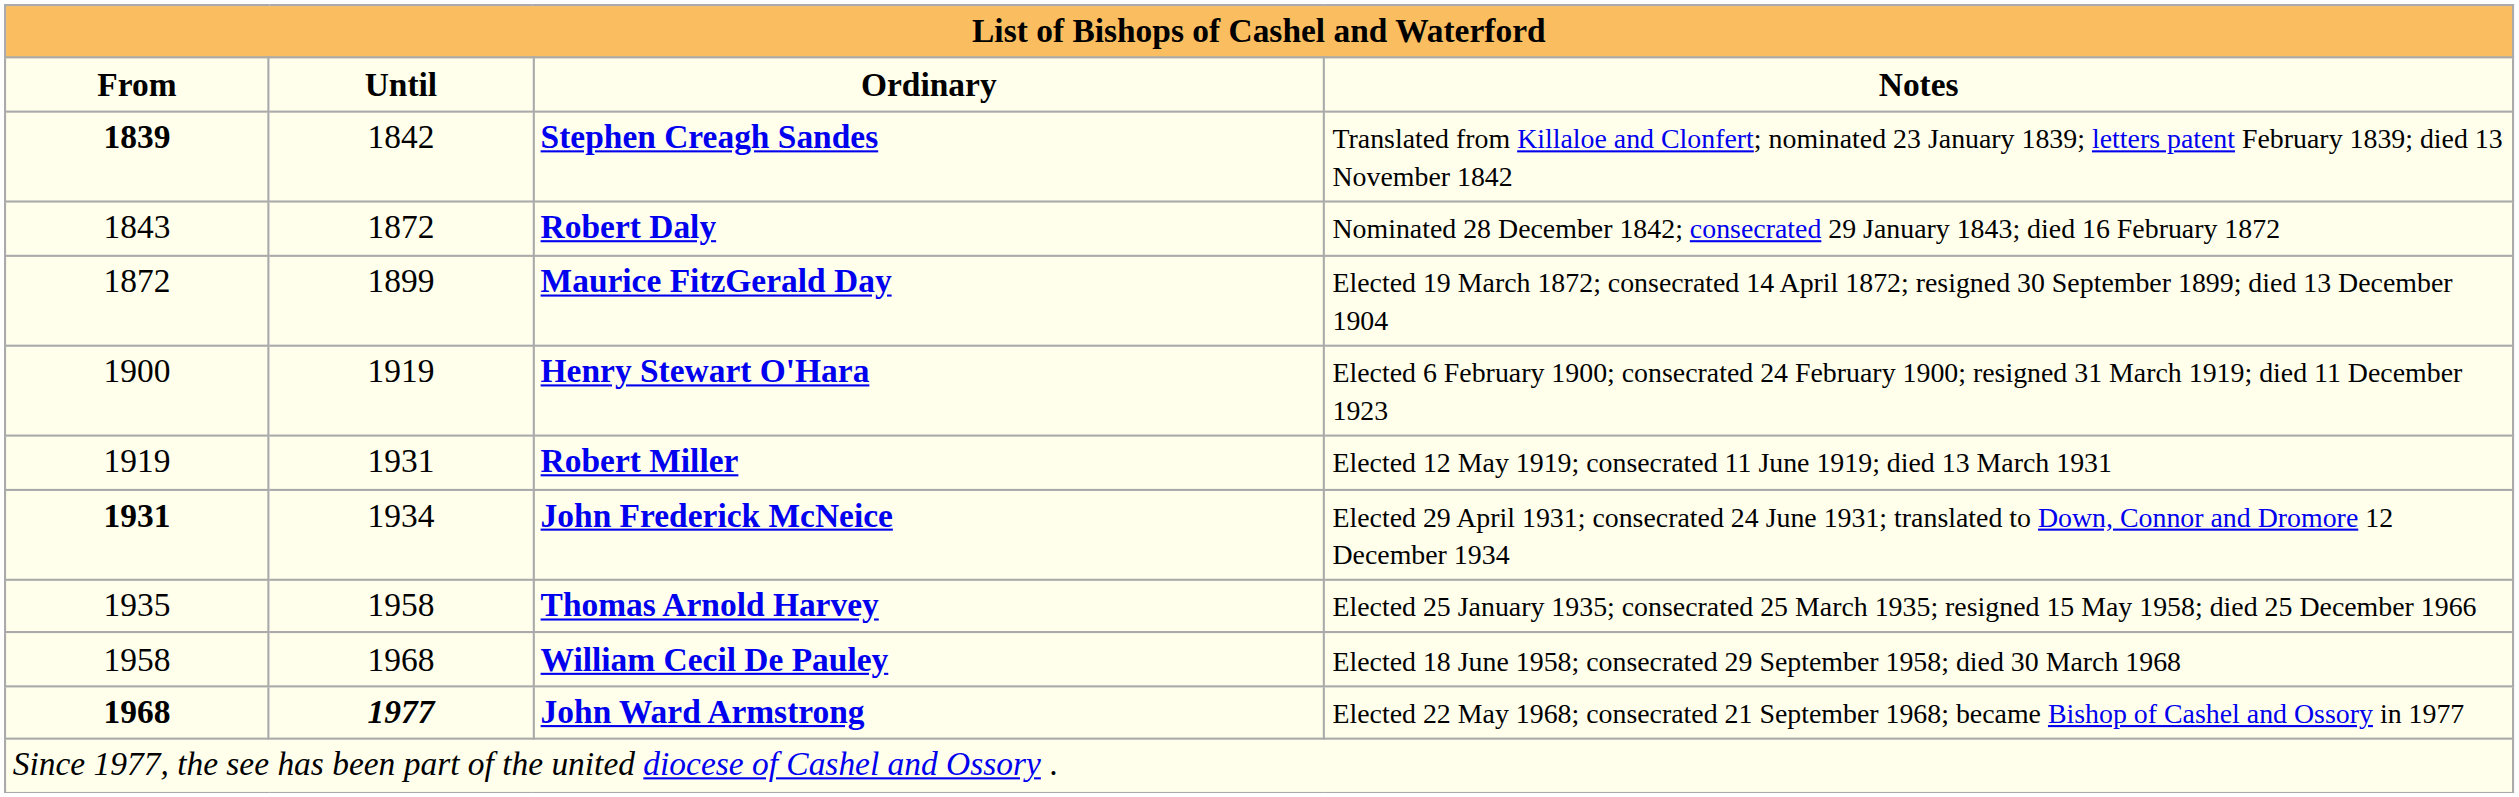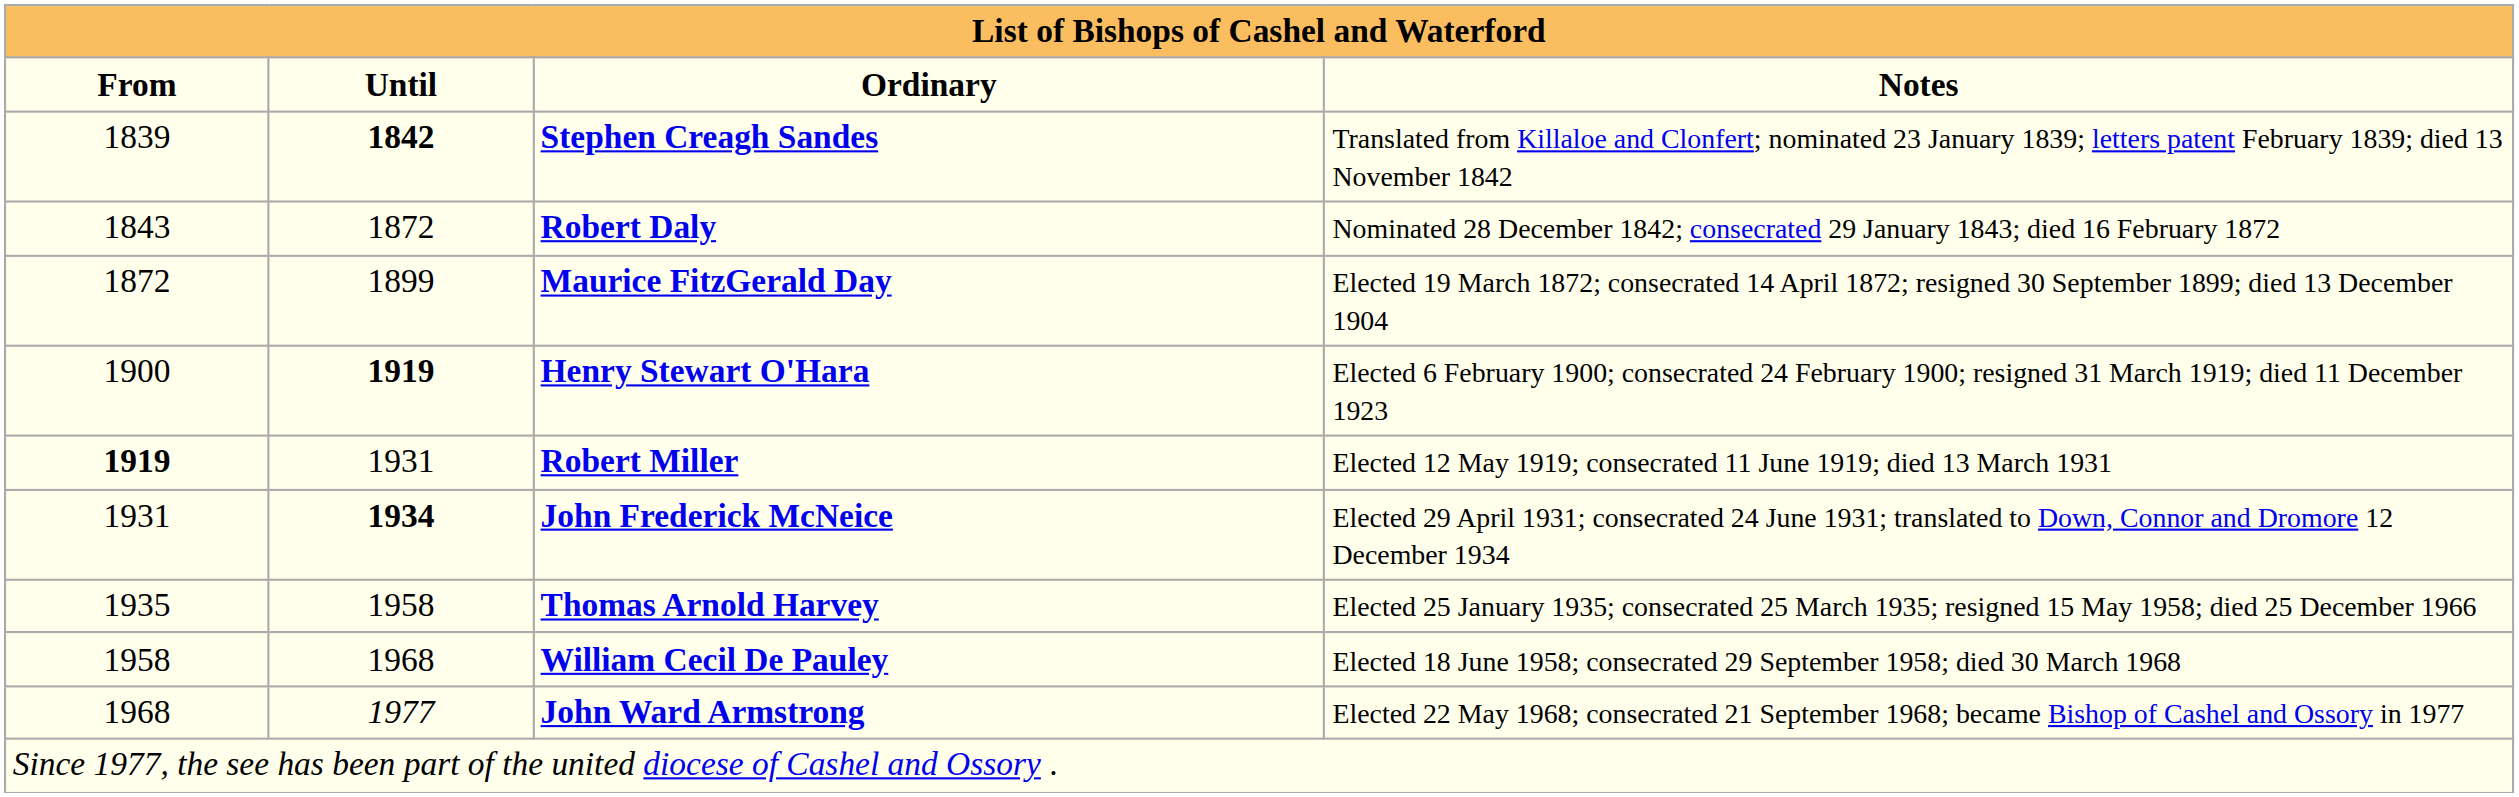 <table class="wikitable" style="width:95%"; border="1">
 <tr>
 <th style="background-color:#FABE60" colspan="5">List of Bishops of Cashel and Waterford </th>
 </tr>
 <tr align=center>
 <th style="background-color:#ffffec" width="10%">From</th>
 <th style="background-color:#ffffec" width="10%">Until</th>
 <th style="background-color:#ffffec" width="30%">Ordinary</th>
 <th style="background-color:#ffffec" width="45%">Notes</th>
 </tr>
 <tr valign=top bgcolor="#ffffec">
-<td align=center><strong>1839</strong></td>
-<td align=center>1842</td>
+<td align=center>1839</td>
+<td align=center><strong>1842</strong></td>
 <td><strong><a href='#'>Stephen Creagh Sandes</a></strong></td>
 <td><small>Translated from <a href='#'>Killaloe and Clonfert</a>; nominated 23 January 1839; <a href='#'>letters patent</a> February 1839; died 13 November 1842</small></td>
 </tr>
 <tr valign=top bgcolor="#ffffec">
 <td align=center>1843</td>
 <td align=center>1872</td>
 <td><strong><a href='#'>Robert Daly</a></strong></td>
 <td><small>Nominated 28 December 1842; <a href='#'>consecrated</a> 29 January 1843; died 16 February 1872</small></td>
 </tr>
 <tr valign=top bgcolor="#ffffec">
 <td align=center>1872</td>
 <td align=center>1899</td>
 <td><strong><a href='#'>Maurice FitzGerald Day</a></strong></td>
 <td><small>Elected 19 March 1872; consecrated 14 April 1872; resigned 30 September 1899; died 13 December 1904</small></td>
 </tr>
 <tr valign=top bgcolor="#ffffec">
 <td align=center>1900</td>
-<td align=center>1919</td>
+<td align=center><strong>1919</strong></td>
 <td><strong><a href='#'>Henry Stewart O'Hara</a></strong></td>
 <td><small>Elected 6 February 1900; consecrated 24 February 1900; resigned 31 March 1919; died 11 December 1923</small></td>
 </tr>
 <tr valign=top bgcolor="#ffffec">
-<td align=center>1919</td>
+<td align=center><strong>1919</strong></td>
 <td align=center>1931</td>
 <td><strong><a href='#'>Robert Miller</a></strong></td>
 <td><small>Elected 12 May 1919; consecrated 11 June 1919; died 13 March 1931</small></td>
 </tr>
 <tr valign=top bgcolor="#ffffec">
-<td align=center><strong>1931</strong></td>
-<td align=center>1934</td>
+<td align=center>1931</td>
+<td align=center><strong>1934</strong></td>
 <td><strong><a href='#'>John Frederick McNeice</a></strong></td>
 <td><small>Elected 29 April 1931; consecrated 24 June 1931; translated to <a href='#'>Down, Connor and Dromore</a> 12 December 1934</small></td>
 </tr>
 <tr valign=top bgcolor="#ffffec">
 <td align=center>1935</td>
 <td align=center>1958</td>
 <td><strong><a href='#'>Thomas Arnold Harvey</a></strong></td>
 <td><small>Elected 25 January 1935; consecrated 25 March 1935; resigned 15 May 1958; died 25 December 1966</small></td>
 </tr>
 <tr valign=top bgcolor="#ffffec">
 <td align=center>1958</td>
 <td align=center>1968</td>
 <td><strong><a href='#'>William Cecil De Pauley</a></strong></td>
 <td><small>Elected 18 June 1958; consecrated 29 September 1958; died 30 March 1968</small></td>
 </tr>
 <tr valign=top bgcolor="#ffffec">
-<td align=center><strong>1968</strong></td>
-<td align=center><strong><em>1977</em></strong></td>
+<td align=center>1968</td>
+<td align=center><em>1977</em></td>
 <td><strong><a href='#'>John Ward Armstrong</a></strong></td>
 <td><small>Elected 22 May 1968; consecrated 21 September 1968; became <a href='#'>Bishop of Cashel and Ossory</a> in 1977</small></td>
 </tr>
 <tr valign=top bgcolor="#ffffec">
 <td colspan=4><em>Since 1977, the see has been part of the united <a href='#'>diocese of Cashel and Ossory</a></em> .</td>
 </tr>
 </table>
